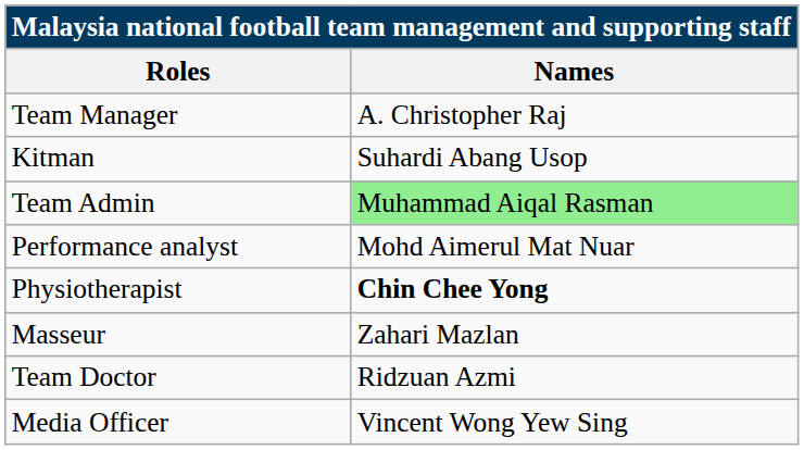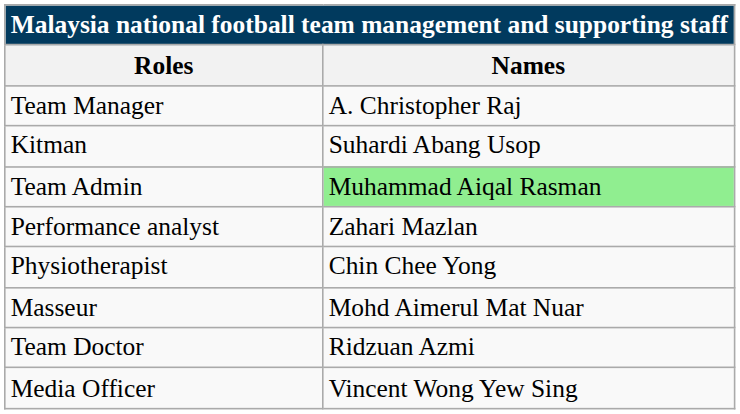 <table class="wikitable" style="text-align: left;">
 <tr>
 <th colspan=5 style="background: #013A5E; color: #FFFFFF;">Malaysia national football team management and supporting staff</th>
 </tr>
 <tr>
 <th>Roles</th>
 <th>Names</th>
 </tr>
 <tr>
 <td>Team Manager</td>
 <td> A. Christopher Raj</td>
 </tr>
 <tr>
 <td>Kitman</td>
 <td> Suhardi Abang Usop</td>
 </tr>
 <tr>
 <td>Team Admin</td>
 <td style="background: lightgreen;"> Muhammad Aiqal Rasman</td>
 </tr>
 <tr>
 <td>Performance analyst</td>
-<td> Mohd Aimerul Mat Nuar</td>
+<td> Zahari Mazlan</td>
 </tr>
 <tr>
 <td>Physiotherapist</td>
-<td><strong> Chin Chee Yong</strong></td>
+<td> Chin Chee Yong</td>
 </tr>
 <tr>
 <td>Masseur</td>
-<td> Zahari Mazlan</td>
+<td> Mohd Aimerul Mat Nuar</td>
 </tr>
 <tr>
 <td>Team Doctor</td>
 <td> Ridzuan Azmi</td>
 </tr>
 <tr>
 <td>Media Officer</td>
 <td> Vincent Wong Yew Sing</td>
 </tr>
 </table>
